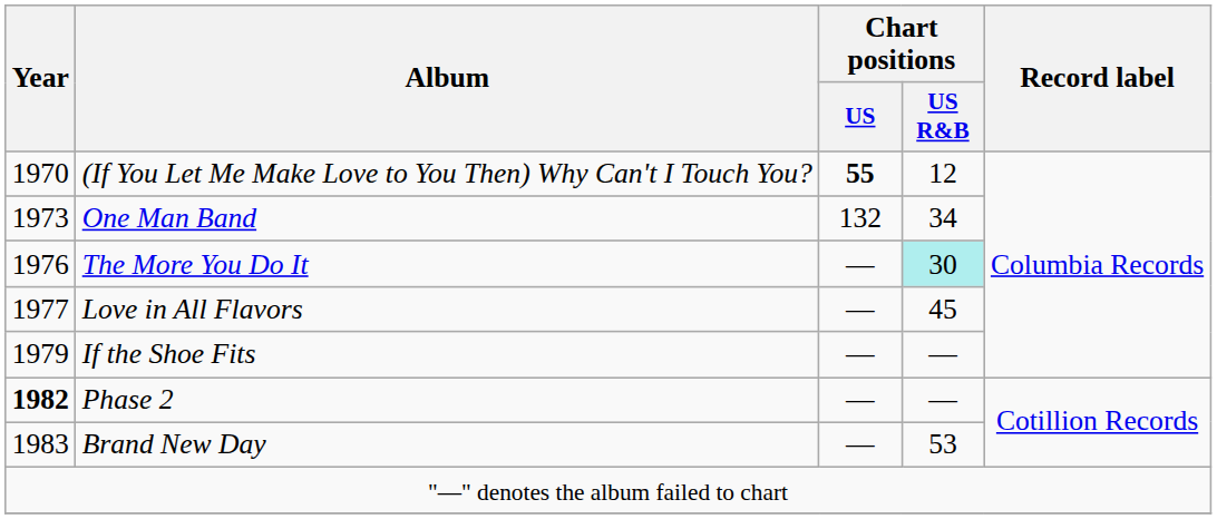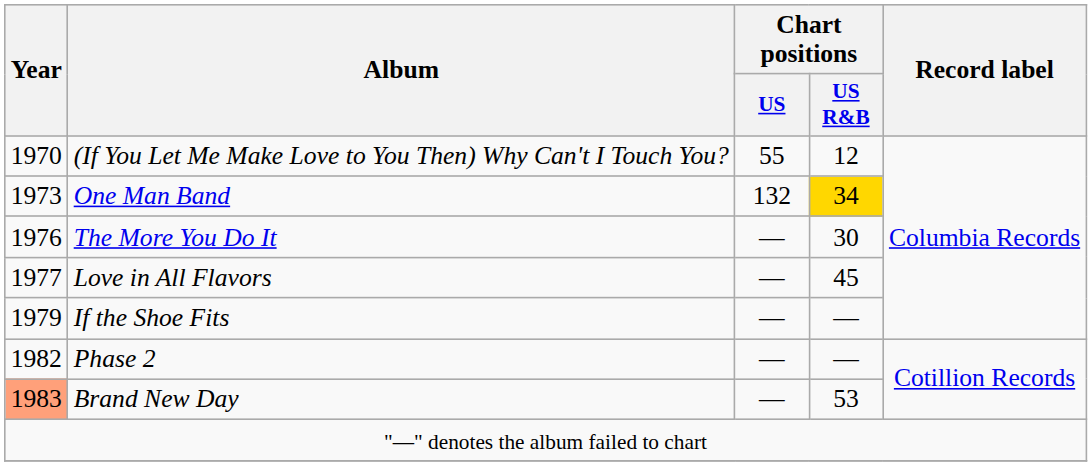 <table class="wikitable" style="text-align:center;">
 <tr>
 <th rowspan="2">Year</th>
 <th rowspan="2">Album</th>
 <th colspan="2">Chart positions</th>
 <th rowspan="2">Record label</th>
 </tr>
 <tr style="font-size:smaller;">
 <th width="40"><a href='#'>US</a><br></th>
 <th width="40"><a href='#'>US<br>R&B</a><br></th>
 </tr>
 <tr>
 <td rowspan="1">1970</td>
 <td align="left"><em>(If You Let Me Make Love to You Then) Why Can't I Touch You?</em></td>
-<td><strong>55</strong></td>
+<td>55</td>
 <td>12</td>
 <td rowspan="5"><a href='#'>Columbia Records</a></td>
 </tr>
 <tr>
 <td rowspan="1">1973</td>
 <td align="left"><em><a href='#'>One Man Band</a></em></td>
 <td>132</td>
-<td>34</td>
+<td style="background: gold;">34</td>
 </tr>
 <tr>
 <td rowspan="1">1976</td>
 <td align="left"><em><a href='#'>The More You Do It</a></em></td>
 <td>—</td>
-<td style="background: paleturquoise;">30</td>
+<td>30</td>
 </tr>
 <tr>
 <td rowspan="1">1977</td>
 <td align="left"><em>Love in All Flavors</em></td>
 <td>—</td>
 <td>45</td>
 </tr>
 <tr>
 <td rowspan="1">1979</td>
 <td align="left"><em>If the Shoe Fits</em></td>
 <td>—</td>
 <td>—</td>
 </tr>
 <tr>
-<td rowspan="1"><strong>1982</strong></td>
+<td rowspan="1">1982</td>
 <td align="left"><em>Phase 2</em></td>
 <td>—</td>
 <td>—</td>
 <td rowspan="2"><a href='#'>Cotillion Records</a></td>
 </tr>
 <tr>
-<td rowspan="1">1983</td>
+<td rowspan="1" style="background: lightsalmon;">1983</td>
 <td align="left"><em>Brand New Day</em></td>
 <td>—</td>
 <td>53</td>
 </tr>
 <tr>
 <td align="center" colspan="8"><small>"—" denotes the album failed to chart</small></td>
 </tr>
 <tr>
 </tr>
 </table>
